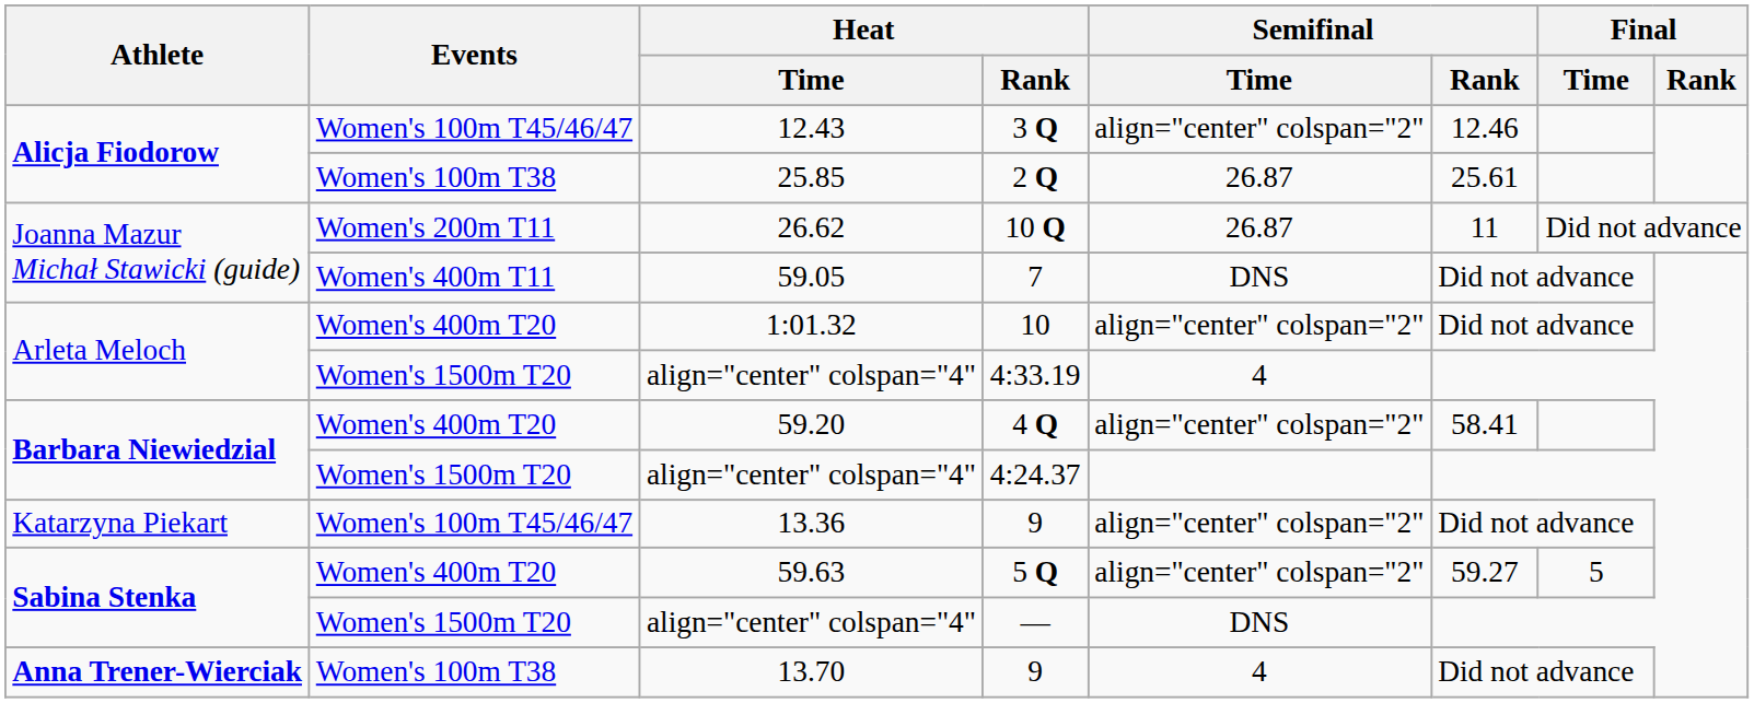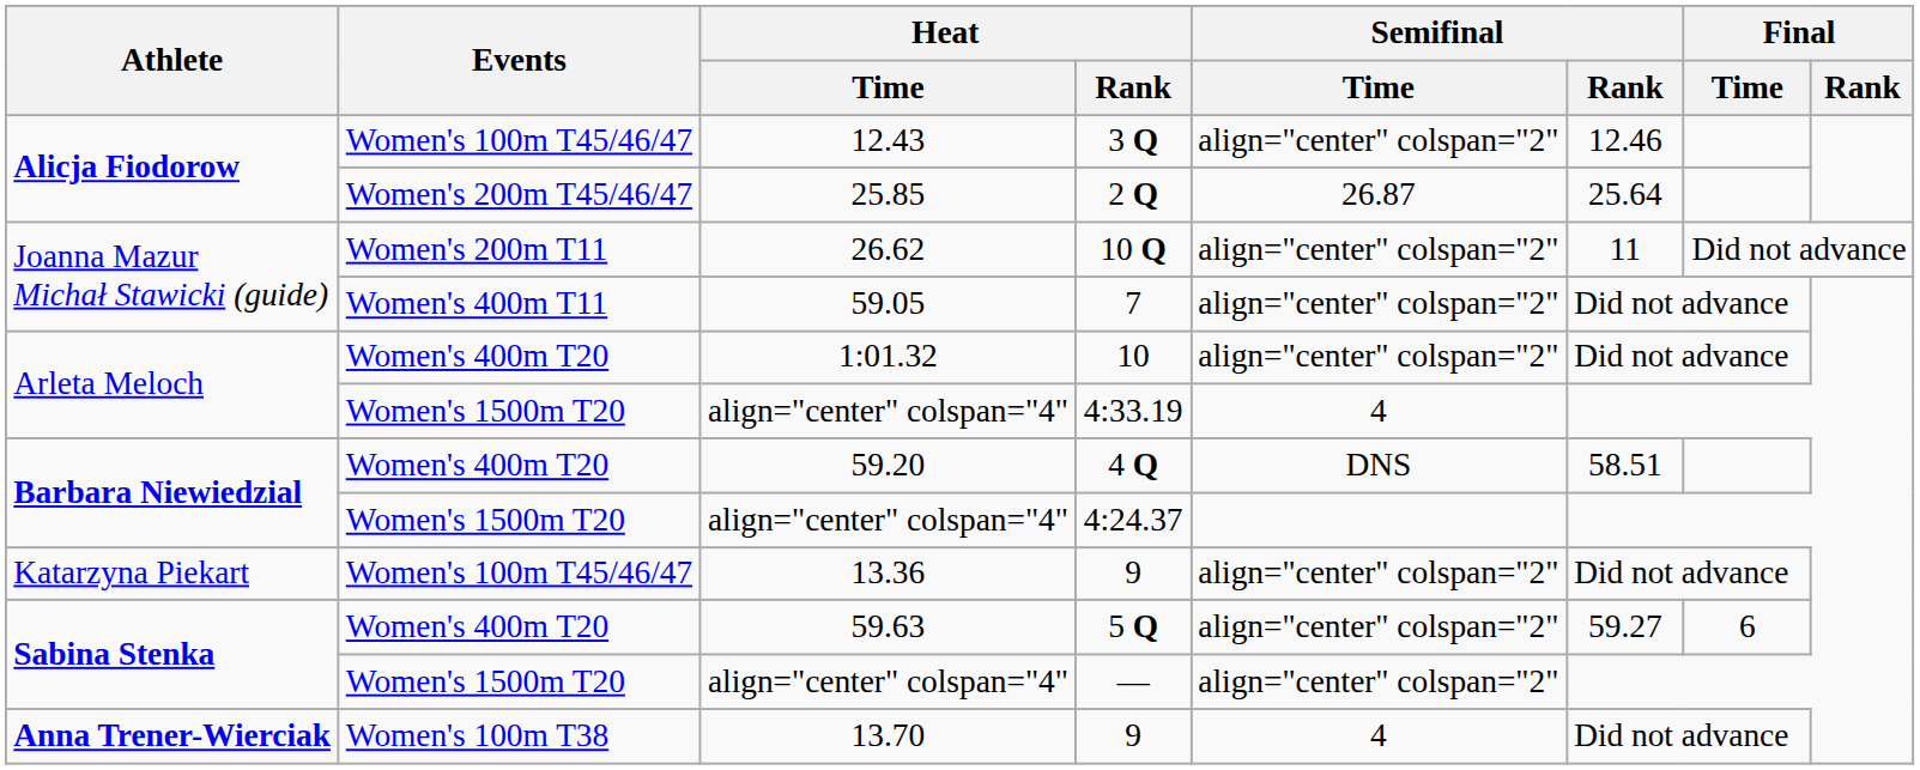 <table class=wikitable style="font-size:90%">
 <tr>
 <th rowspan="2">Athlete</th>
 <th rowspan="2">Events</th>
 <th colspan="2">Heat</th>
 <th colspan="2">Semifinal</th>
 <th colspan="2">Final</th>
 </tr>
 <tr>
 <th>Time</th>
 <th>Rank</th>
 <th>Time</th>
 <th>Rank</th>
 <th>Time</th>
 <th>Rank</th>
 </tr>
 <tr>
 <td rowspan="2"><strong><a href='#'>Alicja Fiodorow</a></strong></td>
 <td><a href='#'>Women's 100m T45/46/47</a></td>
 <td align="center">12.43</td>
 <td align="center">3 <strong>Q</strong></td>
 <td>align="center" colspan="2" </td>
 <td align="center">12.46</td>
 <td align="center"></td>
 </tr>
 <tr>
-<td><a href='#'>Women's 100m T38</a></td>
+<td><a href='#'>Women's 200m T45/46/47</a></td>
 <td align="center">25.85</td>
 <td align="center">2 <strong>Q</strong></td>
 <td align="center">26.87</td>
-<td align="center">25.61</td>
+<td align="center">25.64</td>
 <td align="center"></td>
 </tr>
 <tr>
 <td rowspan="2"><a href='#'>Joanna Mazur</a><br><em><a href='#'>Michał Stawicki</a> (guide)</em></td>
 <td><a href='#'>Women's 200m T11</a></td>
 <td align="center">26.62</td>
 <td align="center">10 <strong>Q</strong></td>
-<td align="center">26.87</td>
+<td>align="center" colspan="2" </td>
 <td align="center">11</td>
 <td colspan=2>Did not advance</td>
 </tr>
 <tr>
 <td><a href='#'>Women's 400m T11</a></td>
 <td align="center">59.05</td>
 <td align="center">7</td>
-<td align="center">DNS</td>
+<td>align="center" colspan="2" </td>
 <td colspan=2>Did not advance</td>
 </tr>
 <tr>
 <td rowspan="2"><a href='#'>Arleta Meloch</a></td>
 <td><a href='#'>Women's 400m T20</a></td>
 <td align="center">1:01.32</td>
 <td align="center">10</td>
 <td>align="center" colspan="2" </td>
 <td colspan=2>Did not advance</td>
 </tr>
 <tr>
 <td><a href='#'>Women's 1500m T20</a></td>
 <td>align="center" colspan="4" </td>
 <td align="center">4:33.19</td>
 <td align="center">4</td>
 </tr>
 <tr>
 <td rowspan="2"><strong><a href='#'>Barbara Niewiedzial</a></strong></td>
 <td><a href='#'>Women's 400m T20</a></td>
 <td align="center">59.20</td>
 <td align="center">4 <strong>Q</strong></td>
-<td>align="center" colspan="2" </td>
-<td align="center">58.41</td>
+<td align="center">DNS</td>
+<td align="center">58.51</td>
 <td align="center"></td>
 </tr>
 <tr>
 <td><a href='#'>Women's 1500m T20</a></td>
 <td>align="center" colspan="4" </td>
 <td align="center">4:24.37</td>
 <td align="center"></td>
 </tr>
 <tr>
 <td><a href='#'>Katarzyna Piekart</a></td>
 <td><a href='#'>Women's 100m T45/46/47</a></td>
 <td align="center">13.36</td>
 <td align="center">9</td>
 <td>align="center" colspan="2" </td>
 <td colspan=2>Did not advance</td>
 </tr>
 <tr>
 <td rowspan="2"><strong><a href='#'>Sabina Stenka</a></strong></td>
 <td><a href='#'>Women's 400m T20</a></td>
 <td align="center">59.63</td>
 <td align="center">5 <strong>Q</strong></td>
 <td>align="center" colspan="2" </td>
 <td align="center">59.27</td>
-<td align="center">5</td>
+<td align="center">6</td>
 </tr>
 <tr>
 <td><a href='#'>Women's 1500m T20</a></td>
 <td>align="center" colspan="4" </td>
 <td align="center">—</td>
-<td align="center">DNS</td>
+<td>align="center" colspan="2" </td>
 </tr>
 <tr>
 <td><strong><a href='#'>Anna Trener-Wierciak</a></strong></td>
 <td><a href='#'>Women's 100m T38</a></td>
 <td align="center">13.70</td>
 <td align="center">9</td>
 <td align="center">4</td>
 <td colspan=2>Did not advance</td>
 </tr>
 </table>
